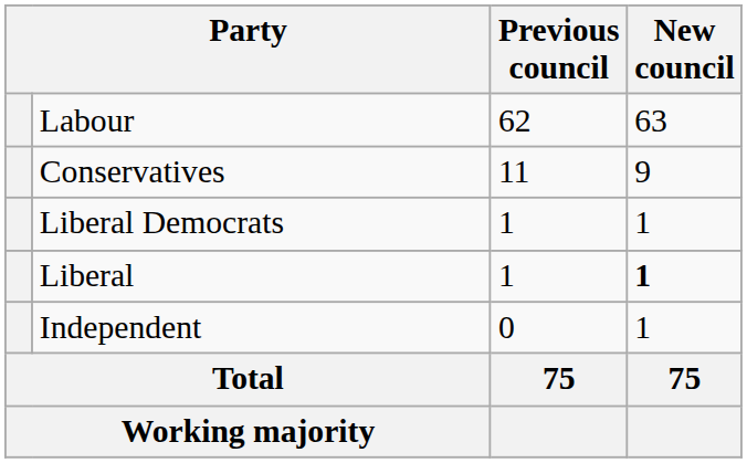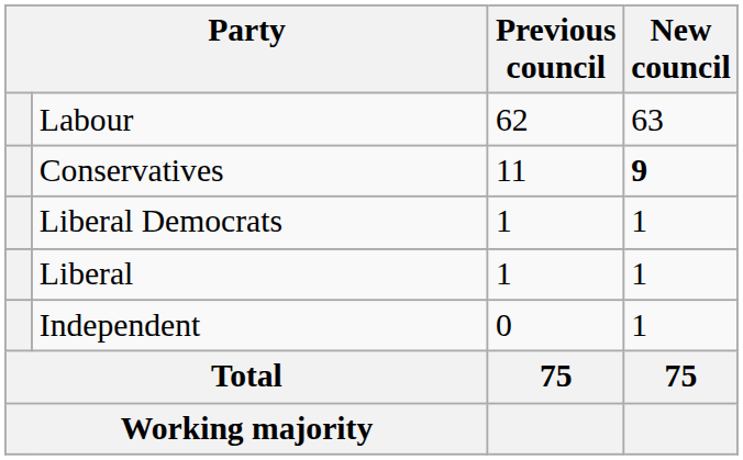 <table class="wikitable">
 <tr>
 <th colspan="2" valign="top" style="width: 230px">Party</th>
 <th valign="top" style="width: 30px">Previous council</th>
 <th valign="top" style="width: 30px">New council</th>
 </tr>
 <tr>
 <th style="background-color: "></th>
 <td>Labour</td>
 <td>62</td>
 <td>63</td>
 </tr>
 <tr>
 <th style="background-color: "></th>
 <td>Conservatives</td>
 <td>11</td>
-<td>9</td>
+<td><strong>9</strong></td>
 </tr>
 <tr>
 <th style="background-color: "></th>
 <td>Liberal Democrats</td>
 <td>1</td>
 <td>1</td>
 </tr>
 <tr>
 <th style="background-color: "></th>
 <td>Liberal</td>
 <td>1</td>
-<td><strong>1</strong></td>
+<td>1</td>
 </tr>
 <tr>
 <th style="background-color: "></th>
 <td>Independent</td>
 <td>0</td>
 <td>1</td>
 </tr>
 <tr>
 <th colspan="2">Total</th>
 <th style="text-align: center">75</th>
 <th>75</th>
 </tr>
 <tr>
 <th colspan="2">Working majority</th>
 <th></th>
 <th></th>
 </tr>
 </table>
